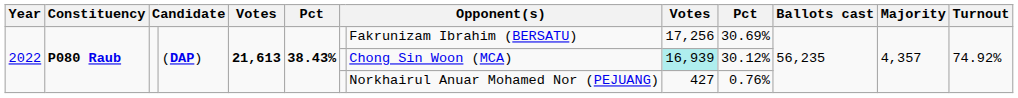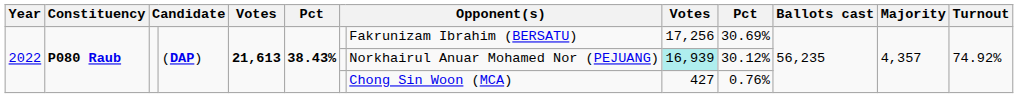 <table class="wikitable" style="margin:0.5em ; font-size:95%">
 <tr>
 <th>Year</th>
 <th>Constituency</th>
 <th colspan=2>Candidate</th>
 <th>Votes</th>
 <th>Pct</th>
 <th colspan=2>Opponent(s)</th>
 <th>Votes</th>
 <th>Pct</th>
 <th>Ballots cast</th>
 <th>Majority</th>
 <th>Turnout</th>
 </tr>
 <tr>
 <td rowspan="3"><a href='#'>2022</a></td>
 <td rowspan=3><strong>P080 <a href='#'>Raub</a></strong></td>
 <td rowspan="3" ></td>
 <td rowspan="3"> (<a href='#'><strong>DAP</strong></a>)</td>
 <td rowspan="3" align="right"><strong>21,613</strong></td>
 <td rowspan="3"><strong>38.43%</strong></td>
 <td bgcolor=></td>
 <td>Fakrunizam Ibrahim (<a href='#'>BERSATU</a>)</td>
 <td align="right">17,256</td>
 <td>30.69%</td>
 <td rowspan="3">56,235</td>
 <td rowspan="3">4,357</td>
 <td rowspan="3">74.92%</td>
 </tr>
 <tr>
 <td></td>
-<td><a href='#'>Chong Sin Woon</a> (<a href='#'>MCA</a>)</td>
+<td>Norkhairul Anuar Mohamed Nor (<a href='#'>PEJUANG</a>)</td>
 <td align="right" style="background: paleturquoise;">16,939</td>
 <td>30.12%</td>
 </tr>
 <tr>
 <td bgcolor=></td>
-<td>Norkhairul Anuar Mohamed Nor (<a href='#'>PEJUANG</a>)</td>
+<td><a href='#'>Chong Sin Woon</a> (<a href='#'>MCA</a>)</td>
 <td align="right">427</td>
 <td align="right">0.76%</td>
 </tr>
 </table>
